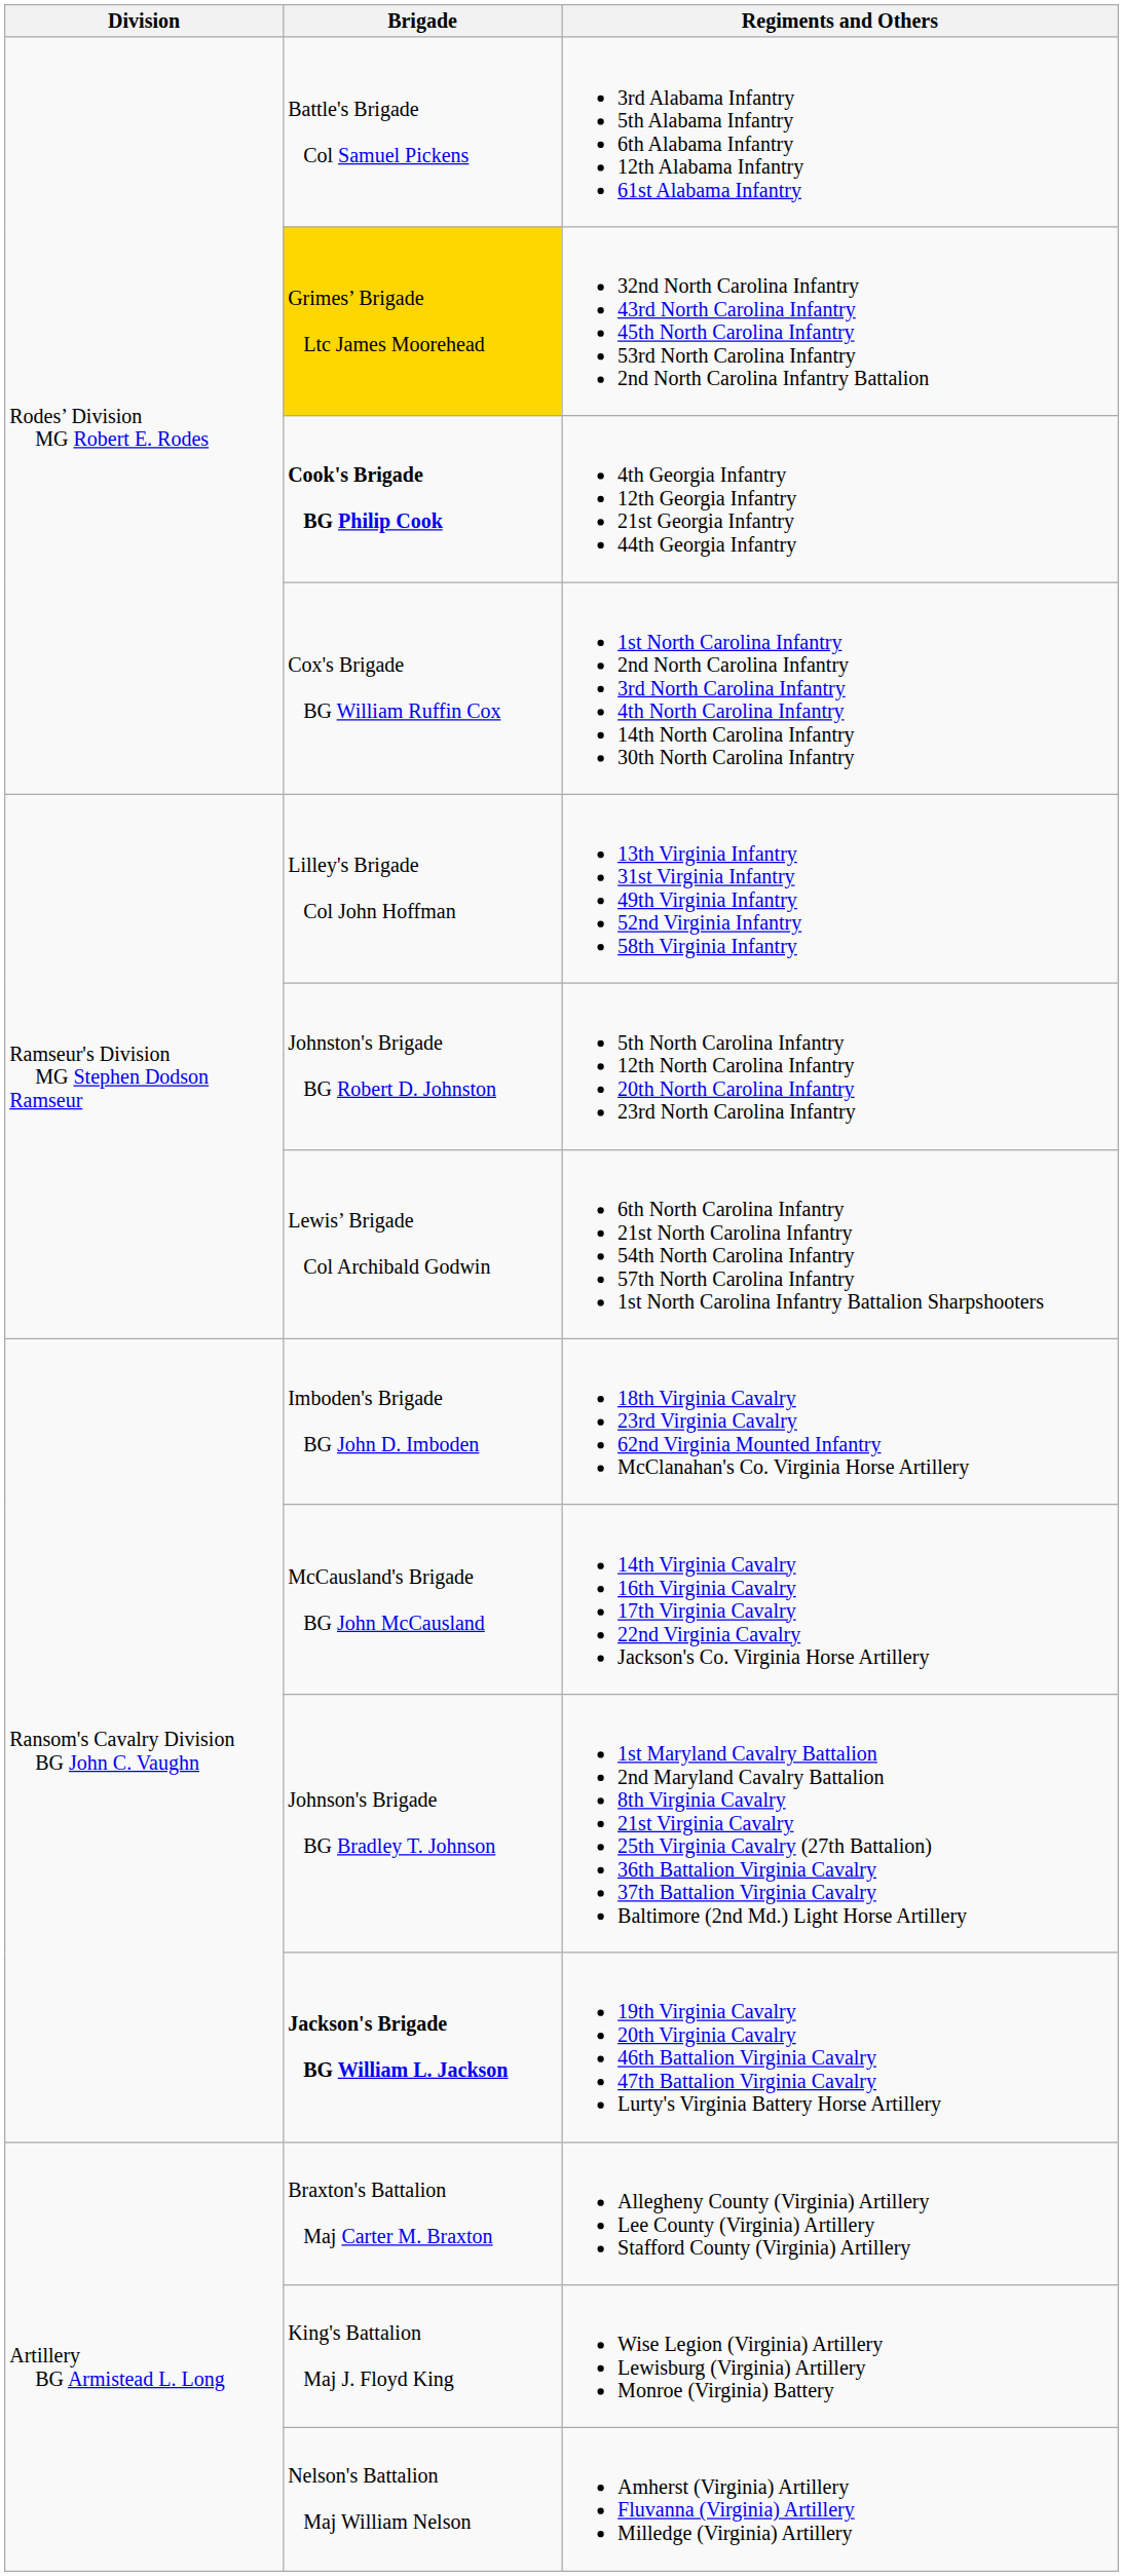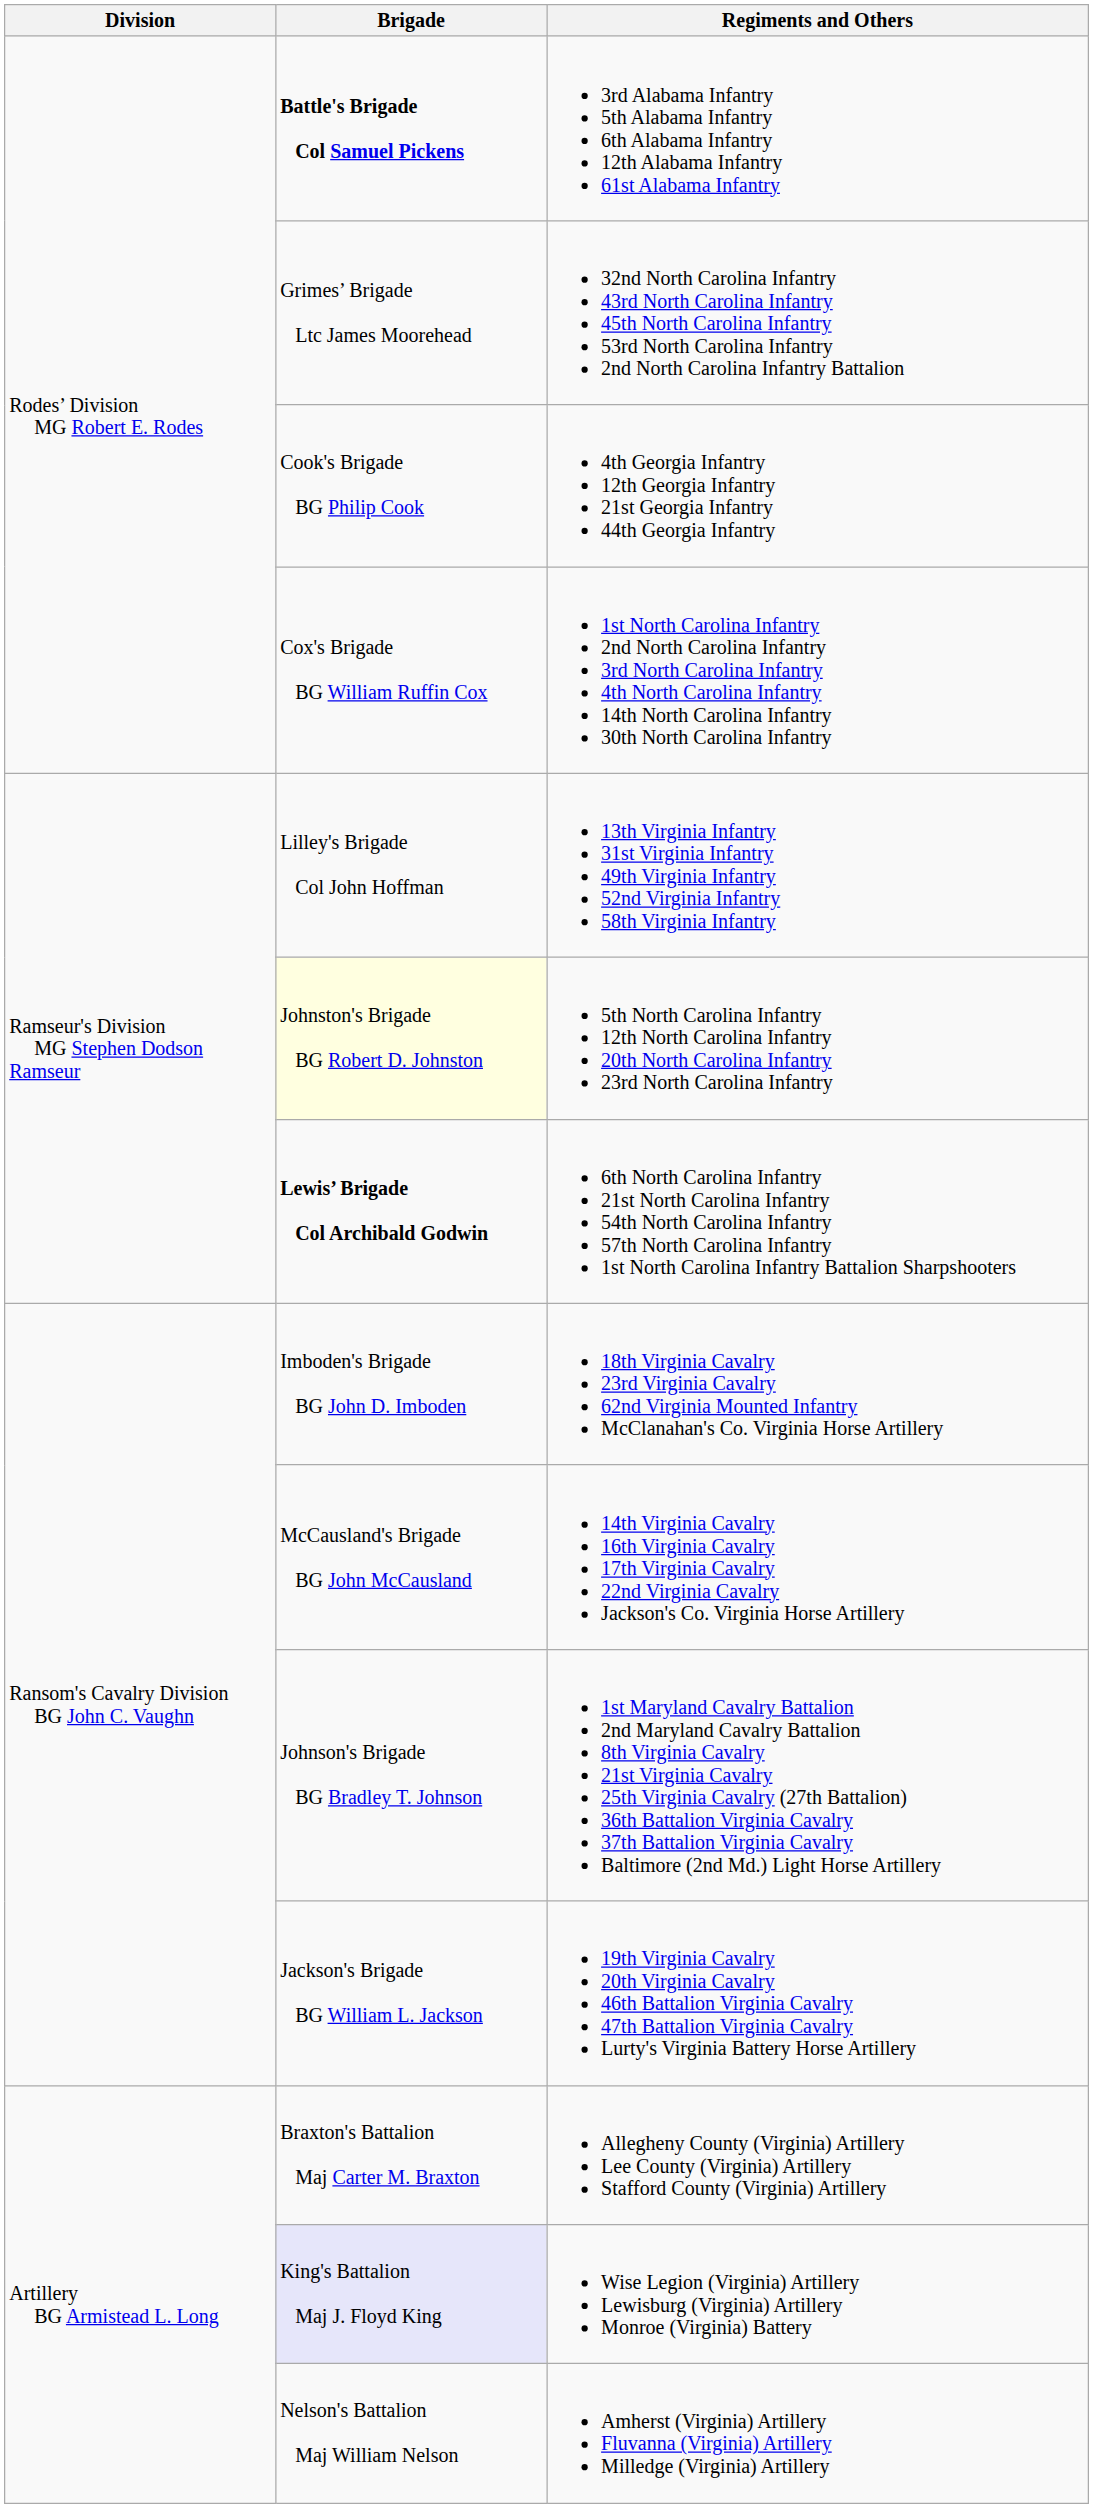 <table class="wikitable">
 <tr>
 <th width=25%>Division</th>
 <th width=25%>Brigade</th>
 <th>Regiments and Others</th>
 </tr>
 <tr>
 <td rowspan= 4><br>Rodes’ Division <br>     MG <a href='#'>Robert E. Rodes</a></td>
-<td>Battle's Brigade<br><br>   Col <a href='#'>Samuel Pickens</a></td>
+<td><strong>Battle's Brigade<br><br>   Col <a href='#'>Samuel Pickens</a></strong></td>
 <td><br><ul><li>3rd Alabama Infantry</li><li>5th Alabama Infantry</li><li>6th Alabama Infantry</li><li>12th Alabama Infantry</li><li><a href='#'>61st Alabama Infantry</a></li></ul></td>
 </tr>
 <tr>
-<td style="background: gold;">Grimes’ Brigade<br><br>   Ltc James Moorehead</td>
+<td>Grimes’ Brigade<br><br>   Ltc James Moorehead</td>
 <td><br><ul><li>32nd North Carolina Infantry</li><li><a href='#'>43rd North Carolina Infantry</a></li><li><a href='#'>45th North Carolina Infantry</a></li><li>53rd North Carolina Infantry</li><li>2nd North Carolina Infantry Battalion</li></ul></td>
 </tr>
 <tr>
-<td><strong>Cook's Brigade<br><br>   BG <a href='#'>Philip Cook</a></strong></td>
+<td>Cook's Brigade<br><br>   BG <a href='#'>Philip Cook</a></td>
 <td><br><ul><li>4th Georgia Infantry</li><li>12th Georgia Infantry</li><li>21st Georgia Infantry</li><li>44th Georgia Infantry</li></ul></td>
 </tr>
 <tr>
 <td>Cox's Brigade<br><br>   BG <a href='#'>William Ruffin Cox</a></td>
 <td><br><ul><li><a href='#'>1st North Carolina Infantry</a></li><li>2nd North Carolina Infantry</li><li><a href='#'>3rd North Carolina Infantry</a></li><li><a href='#'>4th North Carolina Infantry</a></li><li>14th North Carolina Infantry</li><li>30th North Carolina Infantry</li></ul></td>
 </tr>
 <tr>
 <td rowspan= 3><br>Ramseur's Division <br>     MG <a href='#'>Stephen Dodson Ramseur</a></td>
 <td>Lilley's Brigade<br><br>   Col John Hoffman</td>
 <td><br><ul><li><a href='#'>13th Virginia Infantry</a></li><li><a href='#'>31st Virginia Infantry</a></li><li><a href='#'>49th Virginia Infantry</a></li><li><a href='#'>52nd Virginia Infantry</a></li><li><a href='#'>58th Virginia Infantry</a></li></ul></td>
 </tr>
 <tr>
-<td>Johnston's Brigade<br><br>   BG <a href='#'>Robert D. Johnston</a></td>
+<td style="background: lightyellow;">Johnston's Brigade<br><br>   BG <a href='#'>Robert D. Johnston</a></td>
 <td><br><ul><li>5th North Carolina Infantry</li><li>12th North Carolina Infantry</li><li><a href='#'>20th North Carolina Infantry</a></li><li>23rd North Carolina Infantry</li></ul></td>
 </tr>
 <tr>
-<td>Lewis’ Brigade<br><br>   Col Archibald Godwin</td>
+<td><strong>Lewis’ Brigade<br><br>   Col Archibald Godwin</strong></td>
 <td><br><ul><li>6th North Carolina Infantry</li><li>21st North Carolina Infantry</li><li>54th North Carolina Infantry</li><li>57th North Carolina Infantry</li><li>1st North Carolina Infantry Battalion Sharpshooters</li></ul></td>
 </tr>
 <tr>
 <td rowspan= 4><br>Ransom's Cavalry Division <br>     BG <a href='#'>John C. Vaughn</a></td>
 <td>Imboden's Brigade<br><br>   BG <a href='#'>John D. Imboden</a></td>
 <td><br><ul><li><a href='#'>18th Virginia Cavalry</a></li><li><a href='#'>23rd Virginia Cavalry</a></li><li><a href='#'>62nd Virginia Mounted Infantry</a></li><li>McClanahan's Co. Virginia Horse Artillery</li></ul></td>
 </tr>
 <tr>
 <td>McCausland's Brigade<br><br>   BG <a href='#'>John McCausland</a></td>
 <td><br><ul><li><a href='#'>14th Virginia Cavalry</a></li><li><a href='#'>16th Virginia Cavalry</a></li><li><a href='#'>17th Virginia Cavalry</a></li><li><a href='#'>22nd Virginia Cavalry</a></li><li>Jackson's Co. Virginia Horse Artillery</li></ul></td>
 </tr>
 <tr>
 <td>Johnson's Brigade<br><br>   BG <a href='#'>Bradley T. Johnson</a></td>
 <td><br><ul><li><a href='#'>1st Maryland Cavalry Battalion</a></li><li>2nd Maryland Cavalry Battalion</li><li><a href='#'>8th Virginia Cavalry</a></li><li><a href='#'>21st Virginia Cavalry</a></li><li><a href='#'>25th Virginia Cavalry</a> (27th Battalion)</li><li><a href='#'>36th Battalion Virginia Cavalry</a></li><li><a href='#'>37th Battalion Virginia Cavalry</a></li><li>Baltimore (2nd Md.) Light Horse Artillery</li></ul></td>
 </tr>
 <tr>
-<td><strong>Jackson's Brigade<br><br>   BG <a href='#'>William L. Jackson</a></strong></td>
+<td>Jackson's Brigade<br><br>   BG <a href='#'>William L. Jackson</a></td>
 <td><br><ul><li><a href='#'>19th Virginia Cavalry</a></li><li><a href='#'>20th Virginia Cavalry</a></li><li><a href='#'>46th Battalion Virginia Cavalry</a></li><li><a href='#'>47th Battalion Virginia Cavalry</a></li><li>Lurty's Virginia Battery Horse Artillery</li></ul></td>
 </tr>
 <tr>
 <td rowspan =3><br>Artillery <br>     BG <a href='#'>Armistead L. Long</a></td>
 <td>Braxton's Battalion<br><br>   Maj <a href='#'>Carter M. Braxton</a></td>
 <td><br><ul><li>Allegheny County (Virginia) Artillery</li><li>Lee County (Virginia) Artillery</li><li>Stafford County (Virginia) Artillery</li></ul></td>
 </tr>
 <tr>
-<td>King's Battalion<br><br>   Maj J. Floyd King</td>
+<td style="background: lavender;">King's Battalion<br><br>   Maj J. Floyd King</td>
 <td><br><ul><li>Wise Legion (Virginia) Artillery</li><li>Lewisburg (Virginia) Artillery</li><li>Monroe (Virginia) Battery</li></ul></td>
 </tr>
 <tr>
 <td>Nelson's Battalion<br><br>   Maj William Nelson</td>
 <td><br><ul><li>Amherst (Virginia) Artillery</li><li><a href='#'>Fluvanna (Virginia) Artillery</a></li><li>Milledge (Virginia) Artillery</li></ul></td>
 </tr>
 </table>
